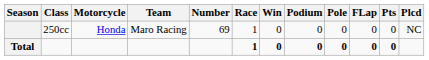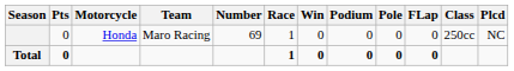 <table class="wikitable">
 <tr>
 <th>Season</th>
-<th>Class</th>
+<th>Pts</th>
 <th>Motorcycle</th>
 <th>Team</th>
 <th>Number</th>
 <th>Race</th>
 <th>Win</th>
 <th>Podium</th>
 <th>Pole</th>
 <th>FLap</th>
-<th>Pts</th>
+<th>Class</th>
 <th>Plcd</th>
 </tr>
 <tr align="right">
 <th></th>
-<td>250cc</td>
+<td>0</td>
 <td><a href='#'>Honda</a></td>
 <td>Maro Racing</td>
 <td>69</td>
 <td>1</td>
 <td>0</td>
 <td>0</td>
 <td>0</td>
 <td>0</td>
-<td>0</td>
+<td>250cc</td>
 <td>NC</td>
 </tr>
 <tr align="right">
 <th>Total</th>
-<td></td>
+<td><strong>0</strong></td>
 <td></td>
 <td></td>
 <td></td>
 <td><strong>1</strong></td>
 <td><strong>0</strong></td>
 <td><strong>0</strong></td>
 <td><strong>0</strong></td>
 <td><strong>0</strong></td>
-<td><strong>0</strong></td>
+<td></td>
 <td></td>
 </tr>
 </table>
